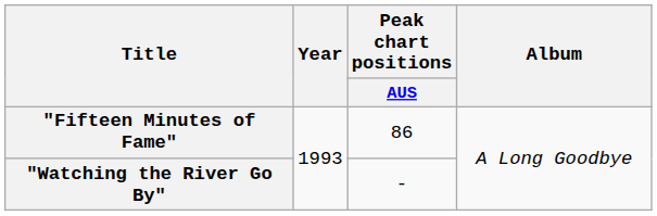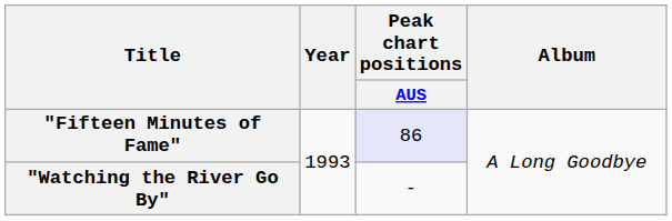 <table class="wikitable plainrowheaders" style="text-align:center;">
 <tr>
 <th scope="col" rowspan="2" style="width:15em;">Title</th>
 <th scope="col" rowspan="2" style="width:1em;">Year</th>
 <th scope="col" colspan="1">Peak chart positions</th>
 <th scope="col" rowspan="2" style="width:10em;">Album</th>
 </tr>
 <tr>
 <th scope="col" style="width:3em;font-size:90%;"><a href='#'>AUS</a><br></th>
 </tr>
 <tr>
 <th scope="row">"Fifteen Minutes of Fame"</th>
 <td rowspan="2">1993</td>
-<td>86</td>
+<td style="background: lavender;">86</td>
 <td rowspan="2"><em>A Long Goodbye</em></td>
 </tr>
 <tr>
 <th scope="row">"Watching the River Go By"</th>
 <td>-</td>
 </tr>
 </table>
